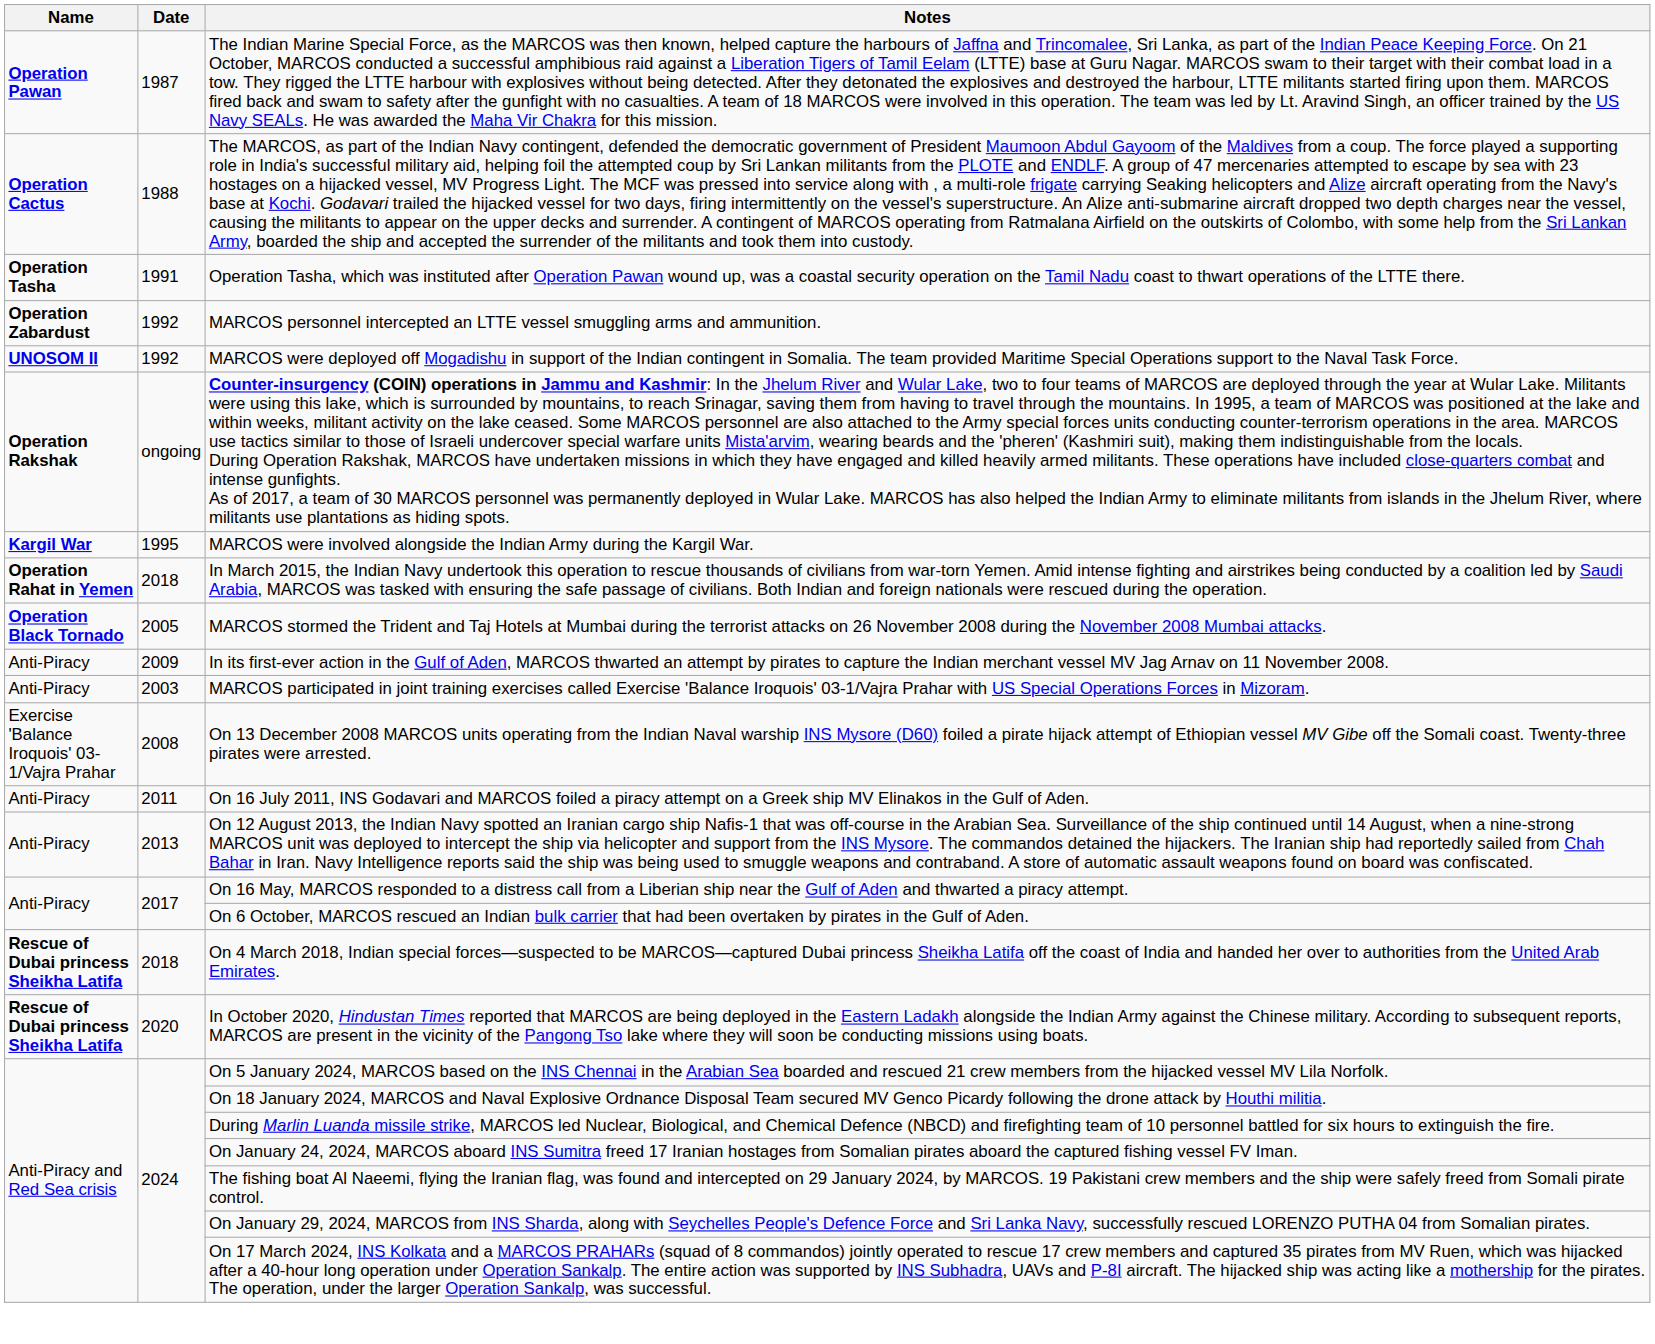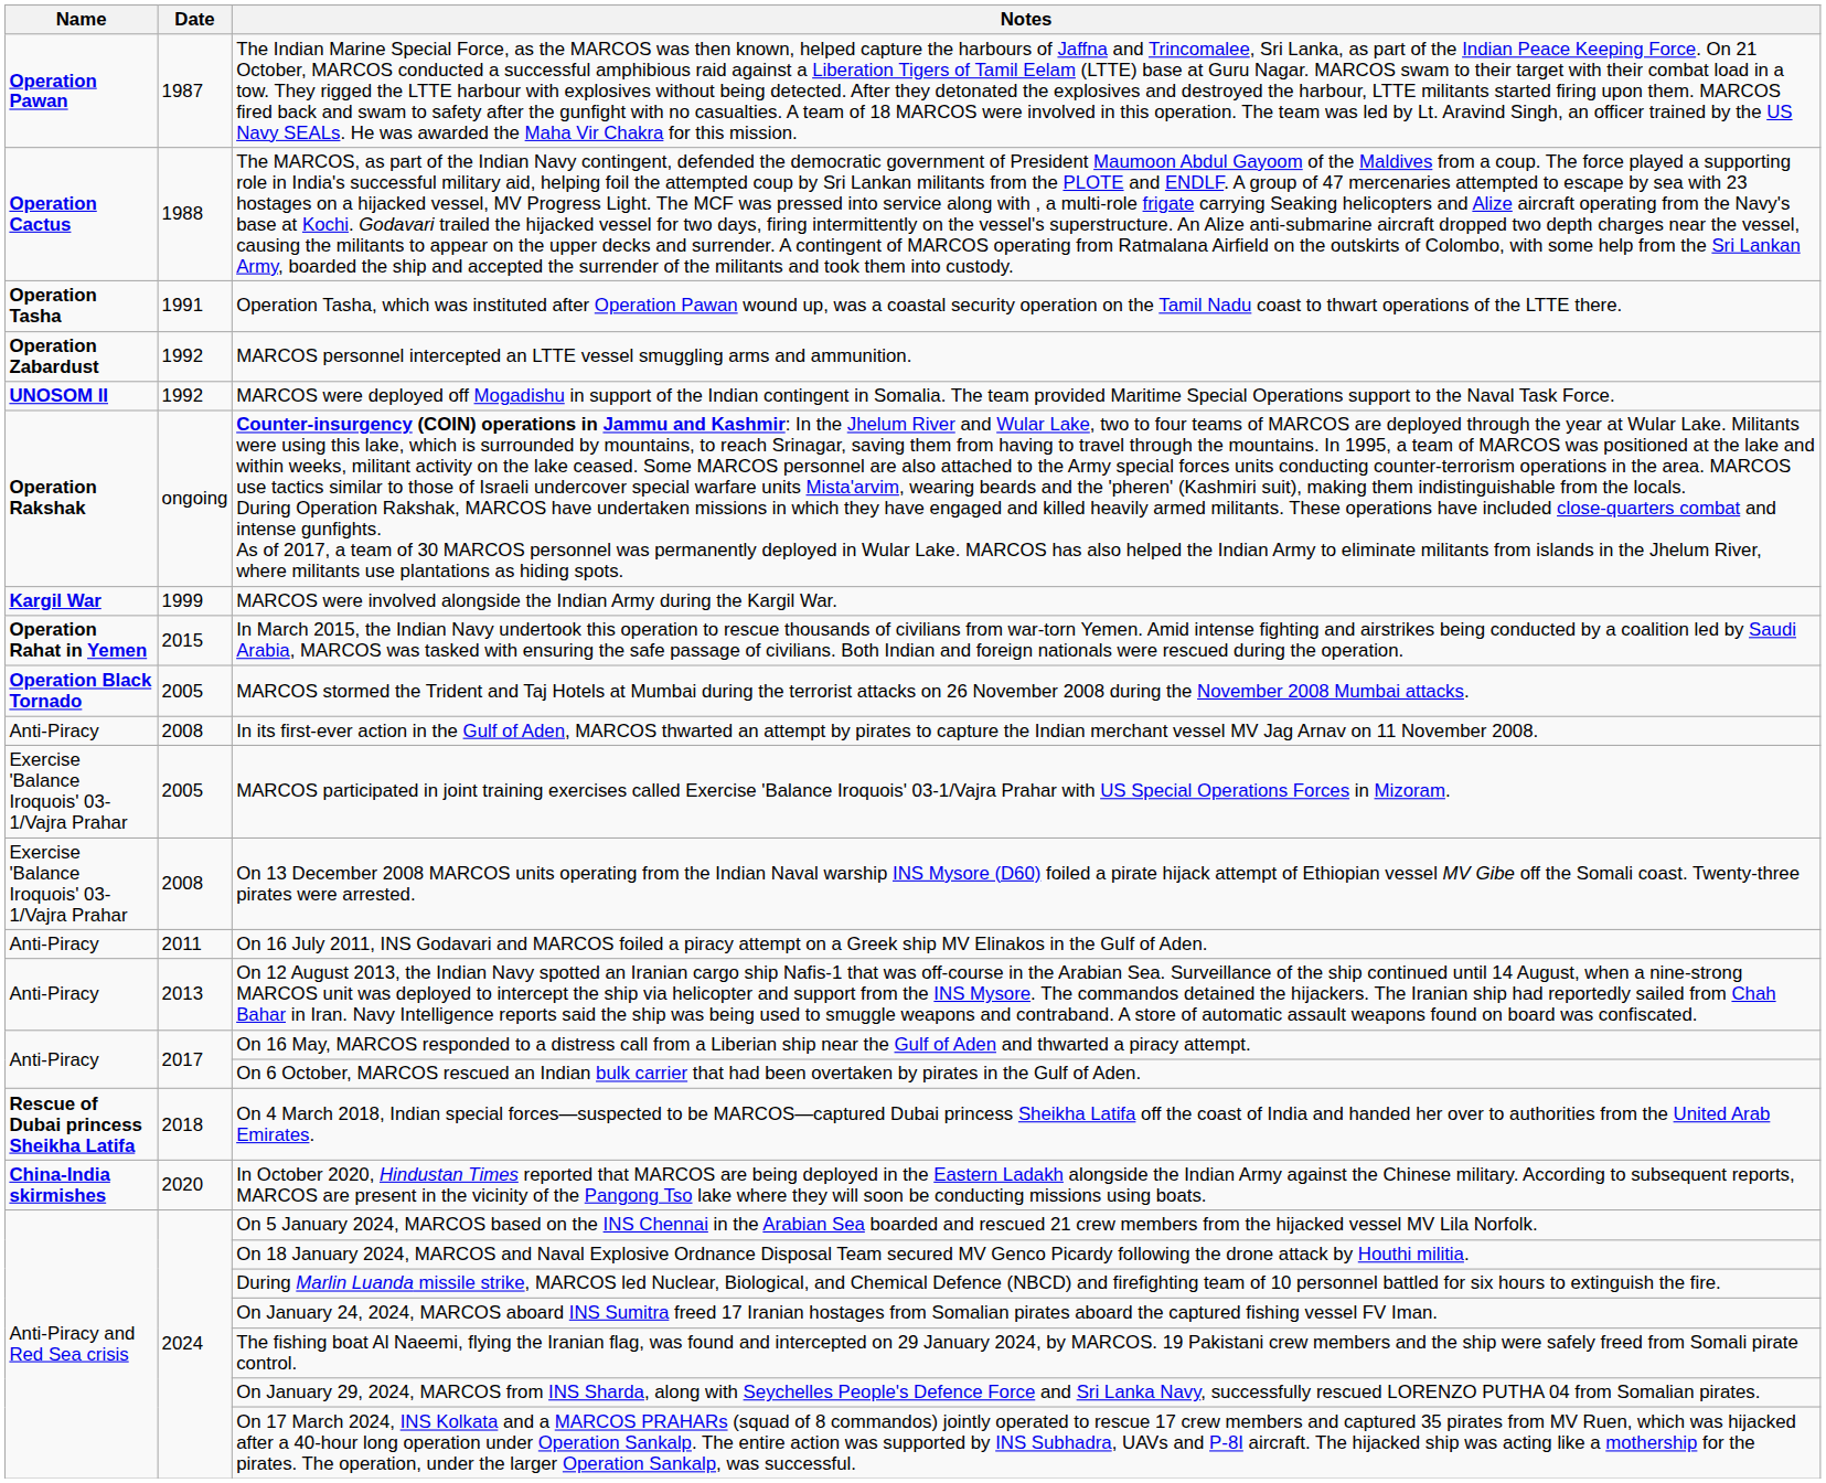 <table class="wikitable sortable">
 <tr>
 <th>Name</th>
 <th>Date</th>
 <th>Notes</th>
 </tr>
 <tr>
 <td><strong><a href='#'>Operation Pawan</a></strong></td>
 <td>1987</td>
 <td>The Indian Marine Special Force, as the MARCOS was then known, helped capture the harbours of <a href='#'>Jaffna</a> and <a href='#'>Trincomalee</a>, Sri Lanka, as part of the <a href='#'>Indian Peace Keeping Force</a>. On 21 October, MARCOS conducted a successful amphibious raid against a <a href='#'>Liberation Tigers of Tamil Eelam</a> (LTTE) base at Guru Nagar. MARCOS swam  to their target with their combat load in a tow. They rigged the LTTE harbour with explosives without being detected. After they detonated the explosives and destroyed the harbour, LTTE militants started firing upon them. MARCOS fired back and swam to safety after the gunfight with no casualties. A team of 18 MARCOS were involved in this operation. The team was led by Lt. Aravind Singh, an officer trained by the <a href='#'>US Navy SEALs</a>. He was awarded the <a href='#'>Maha Vir Chakra</a> for this mission.</td>
 </tr>
 <tr>
 <td><strong><a href='#'>Operation Cactus</a></strong></td>
 <td>1988</td>
 <td>The MARCOS, as part of the Indian Navy contingent, defended the democratic government of President <a href='#'>Maumoon Abdul Gayoom</a> of the <a href='#'>Maldives</a> from a coup. The force played a supporting role in India's successful military aid, helping foil the attempted coup by Sri Lankan militants from the <a href='#'>PLOTE</a> and <a href='#'>ENDLF</a>. A group of 47 mercenaries attempted to escape by sea with 23 hostages on a hijacked vessel, MV Progress Light. The MCF was pressed into service along with , a multi-role <a href='#'>frigate</a> carrying Seaking helicopters and <a href='#'>Alize</a> aircraft operating from the Navy's base at <a href='#'>Kochi</a>. <em>Godavari</em> trailed the hijacked vessel for two days, firing intermittently on the vessel's superstructure. An Alize anti-submarine aircraft dropped two depth charges near the vessel, causing the militants to appear on the upper decks and surrender. A contingent of MARCOS operating from Ratmalana Airfield on the outskirts of Colombo, with some help from the <a href='#'>Sri Lankan Army</a>, boarded the ship and accepted the surrender of the militants and took them into custody.</td>
 </tr>
 <tr>
 <td><strong>Operation Tasha</strong></td>
 <td>1991</td>
 <td>Operation Tasha, which was instituted after <a href='#'>Operation Pawan</a> wound up, was a coastal security operation on the <a href='#'>Tamil Nadu</a> coast to thwart operations of the LTTE there.</td>
 </tr>
 <tr>
 <td><strong>Operation Zabardust</strong></td>
 <td>1992</td>
 <td>MARCOS personnel intercepted an LTTE vessel smuggling arms and ammunition.</td>
 </tr>
 <tr>
 <td><strong><a href='#'>UNOSOM II</a></strong></td>
 <td>1992</td>
 <td>MARCOS were deployed off <a href='#'>Mogadishu</a> in support of the Indian contingent in Somalia. The team provided Maritime Special Operations support to the Naval Task Force.</td>
 </tr>
 <tr>
 <td><strong>Operation Rakshak</strong></td>
 <td>ongoing</td>
 <td><strong><a href='#'>Counter-insurgency</a> (COIN) operations in <a href='#'>Jammu and Kashmir</a></strong>: In the <a href='#'>Jhelum River</a> and <a href='#'>Wular Lake</a>, two to four teams of MARCOS are deployed through the year at Wular Lake. Militants were using this  lake, which is surrounded by mountains, to reach Srinagar, saving them from having to travel  through the mountains. In 1995, a team of MARCOS was positioned at the lake and within weeks, militant activity on the lake ceased. Some MARCOS personnel are also attached to the Army special forces units conducting counter-terrorism operations in the area. MARCOS use tactics similar to those of Israeli undercover special warfare units <a href='#'>Mista'arvim</a>, wearing beards and the 'pheren' (Kashmiri suit), making them indistinguishable from the locals.<br>During Operation Rakshak, MARCOS have undertaken missions in which they have engaged and killed heavily armed militants. These operations have included <a href='#'>close-quarters combat</a> and intense gunfights.<br>As of 2017, a team of 30 MARCOS personnel was permanently deployed in Wular Lake. MARCOS has also helped the Indian Army to eliminate militants from islands in the Jhelum River, where militants use plantations as hiding spots.</td>
 </tr>
 <tr>
 <td><strong><a href='#'>Kargil War</a></strong></td>
-<td>1995</td>
+<td>1999</td>
 <td>MARCOS were involved alongside the Indian Army during the Kargil War.</td>
 </tr>
 <tr>
 <td><strong>Operation Rahat in <a href='#'>Yemen</a></strong></td>
-<td>2018</td>
+<td>2015</td>
 <td>In March 2015, the Indian Navy undertook this operation to rescue thousands of civilians from war-torn Yemen. Amid intense fighting and airstrikes being conducted by a coalition led by <a href='#'>Saudi Arabia</a>, MARCOS was tasked with ensuring the safe passage of civilians. Both Indian and foreign nationals were rescued during the operation.</td>
 </tr>
 <tr>
 <td><strong><a href='#'>Operation Black Tornado</a></strong></td>
 <td>2005</td>
 <td>MARCOS stormed the Trident and Taj Hotels at Mumbai during the terrorist attacks on 26 November 2008 during the <a href='#'>November 2008 Mumbai attacks</a>.</td>
 </tr>
 <tr>
 <td>Anti-Piracy</td>
-<td>2009</td>
+<td>2008</td>
 <td>In its first-ever action in the <a href='#'>Gulf of Aden</a>, MARCOS thwarted an attempt by pirates to capture the Indian merchant vessel MV Jag Arnav on 11 November 2008.</td>
 </tr>
 <tr>
-<td>Anti-Piracy</td>
-<td>2003</td>
+<td>Exercise 'Balance Iroquois' 03-1/Vajra Prahar</td>
+<td>2005</td>
 <td>MARCOS participated in joint training exercises called Exercise 'Balance Iroquois' 03-1/Vajra Prahar with <a href='#'>US Special Operations Forces</a> in <a href='#'>Mizoram</a>.</td>
 </tr>
 <tr>
 <td>Exercise 'Balance Iroquois' 03-1/Vajra Prahar</td>
 <td>2008</td>
 <td>On 13 December 2008 MARCOS units operating from the Indian Naval warship <a href='#'>INS Mysore (D60)</a> foiled a pirate hijack attempt of Ethiopian vessel <em>MV Gibe</em> off the Somali coast. Twenty-three pirates were arrested.</td>
 </tr>
 <tr>
 <td>Anti-Piracy</td>
 <td>2011</td>
 <td>On 16 July 2011, INS Godavari and MARCOS foiled a piracy attempt on a Greek ship MV Elinakos in the Gulf of Aden.</td>
 </tr>
 <tr>
 <td>Anti-Piracy</td>
 <td>2013</td>
 <td>On 12 August 2013, the Indian Navy spotted an Iranian cargo ship Nafis-1 that was off-course in the Arabian Sea. Surveillance of the ship continued until 14 August, when a nine-strong MARCOS unit was deployed to intercept the ship via helicopter and support from the <a href='#'>INS Mysore</a>. The commandos detained the hijackers. The Iranian ship had reportedly sailed from <a href='#'>Chah Bahar</a> in Iran. Navy Intelligence reports said the ship was being used to smuggle weapons and contraband. A store of automatic assault weapons found on board was confiscated.</td>
 </tr>
 <tr>
 <td rowspan="2">Anti-Piracy</td>
 <td rowspan="2">2017</td>
 <td>On 16 May, MARCOS responded to a distress call from a Liberian ship near the <a href='#'>Gulf of Aden</a> and thwarted a piracy attempt.</td>
 </tr>
 <tr>
 <td>On 6 October, MARCOS rescued an Indian <a href='#'>bulk carrier</a> that had been overtaken by pirates in the Gulf of Aden.</td>
 </tr>
 <tr>
 <td><strong>Rescue of Dubai princess <a href='#'>Sheikha Latifa</a></strong></td>
 <td>2018</td>
 <td>On 4 March 2018, Indian special forces—suspected to be MARCOS—captured Dubai princess <a href='#'>Sheikha Latifa</a> off the coast of India and handed her over to authorities from the <a href='#'>United Arab Emirates</a>.</td>
 </tr>
 <tr>
-<td><strong>Rescue of Dubai princess <a href='#'>Sheikha Latifa</a></strong></td>
+<td><strong><a href='#'>China-India skirmishes</a></strong></td>
 <td>2020</td>
 <td>In October 2020, <em><a href='#'>Hindustan Times</a></em> reported that MARCOS are being deployed in the <a href='#'>Eastern Ladakh</a> alongside the Indian Army against the Chinese military. According to subsequent reports, MARCOS are present in the vicinity of the <a href='#'>Pangong Tso</a> lake where they will soon be conducting missions using boats.</td>
 </tr>
 <tr>
 <td rowspan="7">Anti-Piracy and <a href='#'>Red Sea crisis</a></td>
 <td rowspan="7">2024</td>
 <td>On 5 January 2024, MARCOS based on the <a href='#'>INS Chennai</a> in the <a href='#'>Arabian Sea</a> boarded and rescued 21 crew members from the hijacked vessel MV Lila Norfolk.</td>
 </tr>
 <tr>
 <td>On 18 January 2024, MARCOS and Naval Explosive Ordnance Disposal Team secured MV Genco Picardy following the drone attack by <a href='#'>Houthi militia</a>.</td>
 </tr>
 <tr>
 <td>During <a href='#'><em>Marlin Luanda</em> missile strike</a>, MARCOS led Nuclear, Biological, and Chemical Defence (NBCD) and firefighting team of 10 personnel battled for six hours to extinguish the fire.</td>
 </tr>
 <tr>
 <td>On January 24, 2024, MARCOS aboard <a href='#'>INS Sumitra</a> freed 17 Iranian hostages from Somalian pirates aboard the captured fishing vessel FV Iman.</td>
 </tr>
 <tr>
 <td>The fishing boat Al Naeemi, flying the Iranian flag, was found and intercepted on 29 January 2024, by MARCOS. 19 Pakistani crew members and the ship were safely freed from Somali pirate control.</td>
 </tr>
 <tr>
 <td>On January 29, 2024, MARCOS from <a href='#'>INS Sharda</a>, along with <a href='#'>Seychelles People's Defence Force</a> and <a href='#'>Sri Lanka Navy</a>, successfully rescued LORENZO PUTHA 04 from Somalian pirates.</td>
 </tr>
 <tr>
 <td>On 17 March 2024, <a href='#'>INS Kolkata</a> and a <a href='#'>MARCOS PRAHARs</a> (squad of 8 commandos) jointly operated to rescue 17 crew members and captured 35 pirates from MV Ruen, which was hijacked after a 40-hour long operation under <a href='#'>Operation Sankalp</a>. The entire action was supported by <a href='#'>INS Subhadra</a>, UAVs and <a href='#'>P-8I</a> aircraft. The hijacked ship was acting like a <a href='#'>mothership</a> for the pirates. The operation, under the larger <a href='#'>Operation Sankalp</a>, was successful.</td>
 </tr>
 </table>
